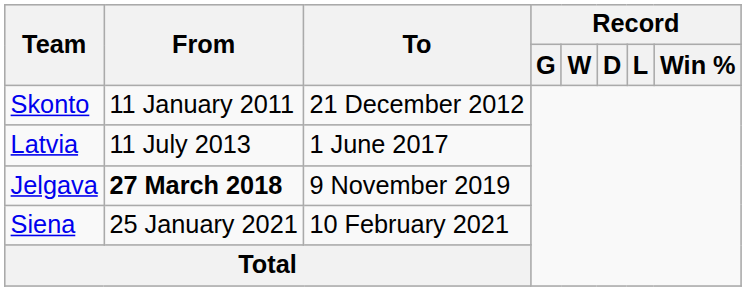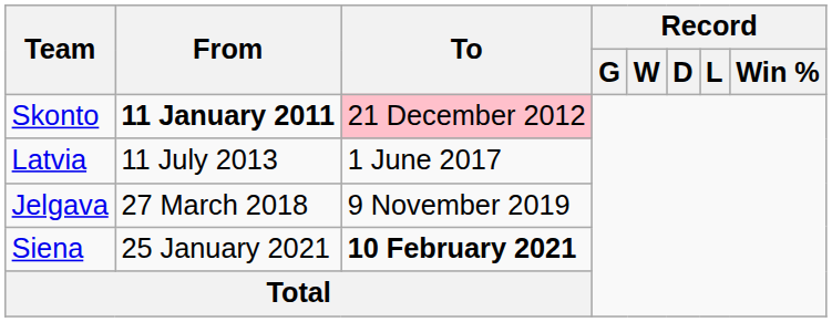 <table class="wikitable" style="text-align: center">
 <tr>
 <th rowspan="2">Team</th>
 <th rowspan="2">From</th>
 <th rowspan="2">To</th>
 <th colspan="5">Record</th>
 </tr>
 <tr>
 <th>G</th>
 <th>W</th>
 <th>D</th>
 <th>L</th>
 <th>Win %</th>
 </tr>
 <tr>
 <td align=left><a href='#'>Skonto</a></td>
-<td align=left>11 January 2011</td>
-<td align=left>21 December 2012<br></td>
+<td align=left><strong>11 January 2011</strong></td>
+<td align=left style="background: pink;">21 December 2012<br></td>
 </tr>
 <tr>
 <td align=left><a href='#'>Latvia</a></td>
 <td align=left>11 July 2013</td>
 <td align=left>1 June 2017<br></td>
 </tr>
 <tr>
 <td align=left><a href='#'>Jelgava</a></td>
-<td align=left><strong>27 March 2018</strong></td>
+<td align=left>27 March 2018</td>
 <td align=left>9 November 2019<br></td>
 </tr>
 <tr>
 <td align=left><a href='#'>Siena</a></td>
 <td align=left>25 January 2021</td>
-<td align=left>10 February 2021<br></td>
+<td align=left><strong>10 February 2021<br></strong></td>
 </tr>
 <tr>
 <th colspan="3">Total<br></th>
 </tr>
 </table>
